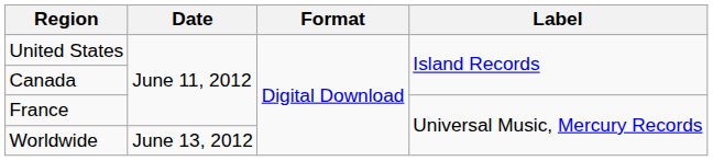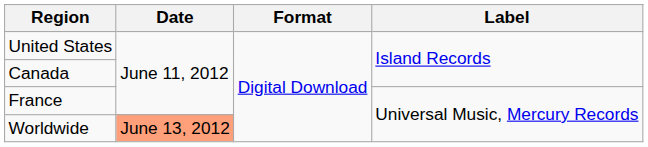 <table class=wikitable>
 <tr>
 <th>Region</th>
 <th>Date</th>
 <th>Format</th>
 <th>Label</th>
 </tr>
 <tr>
 <td>United States</td>
 <td rowspan="3">June 11, 2012</td>
 <td rowspan="6"><a href='#'>Digital Download</a></td>
 <td rowspan="2"><a href='#'>Island Records</a></td>
 </tr>
 <tr>
 <td>Canada</td>
 </tr>
 <tr>
 <td>France</td>
 <td rowspan="4">Universal Music, <a href='#'>Mercury Records</a></td>
 </tr>
 <tr>
 <td>Worldwide</td>
-<td>June 13, 2012</td>
+<td style="background: lightsalmon;">June 13, 2012</td>
 </tr>
 </table>
